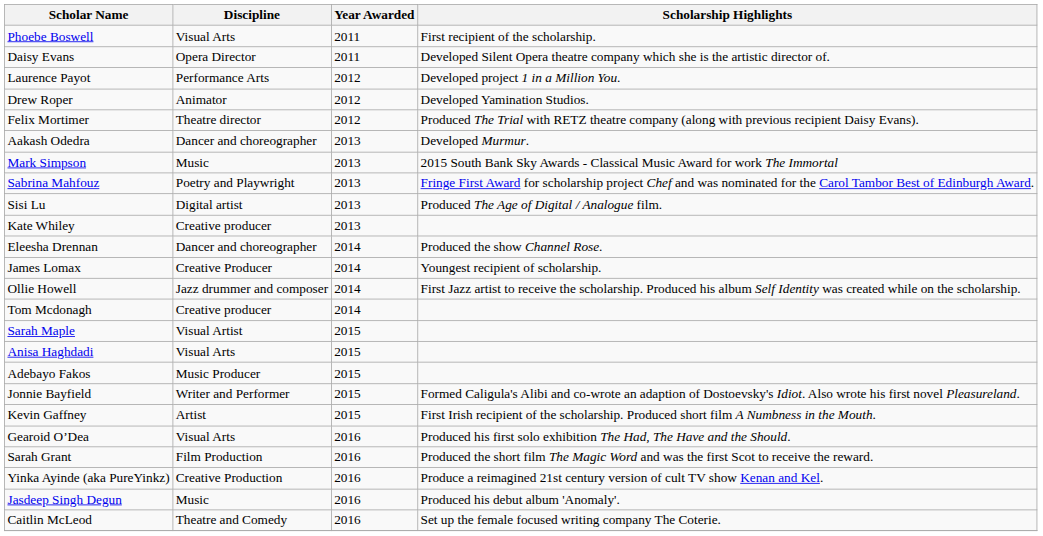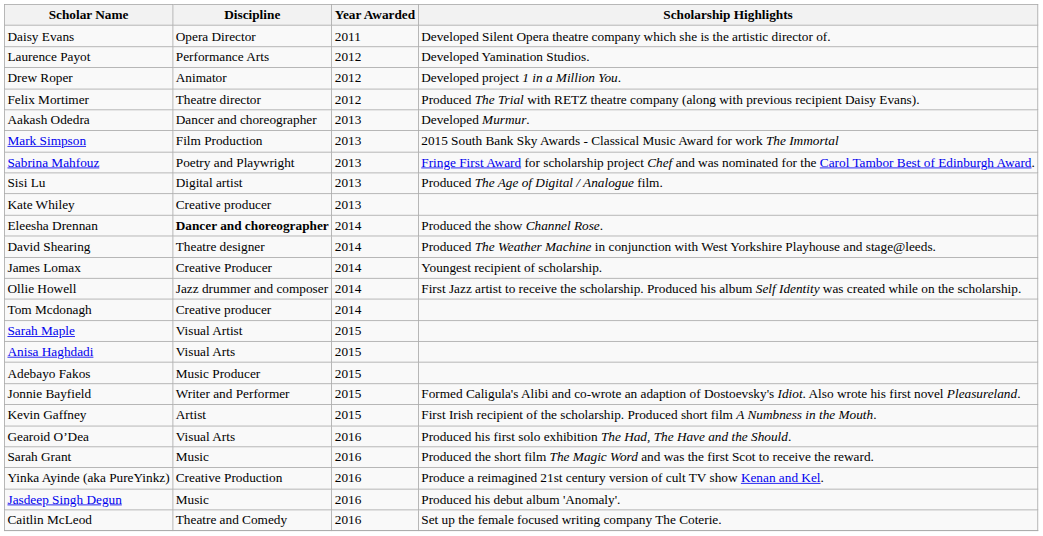 <table class="wikitable sortable">
 <tr>
 <th>Scholar Name</th>
 <th>Discipline</th>
 <th>Year Awarded</th>
 <th>Scholarship Highlights</th>
-</tr>
-<tr>
-<td><a href='#'>Phoebe Boswell</a></td>
-<td>Visual Arts</td>
-<td>2011</td>
-<td>First recipient of the scholarship.</td>
 </tr>
 <tr>
 <td>Daisy Evans</td>
 <td>Opera Director</td>
 <td>2011</td>
 <td>Developed Silent Opera theatre company which she is the artistic director of.</td>
 </tr>
 <tr>
 <td>Laurence Payot</td>
 <td>Performance Arts</td>
 <td>2012</td>
-<td>Developed project <em>1 in a Million You</em>.</td>
+<td>Developed Yamination Studios.</td>
 </tr>
 <tr>
 <td>Drew Roper</td>
 <td>Animator</td>
 <td>2012</td>
-<td>Developed Yamination Studios.</td>
+<td>Developed project <em>1 in a Million You</em>.</td>
 </tr>
 <tr>
 <td>Felix Mortimer</td>
 <td>Theatre director</td>
 <td>2012</td>
 <td>Produced <em>The Trial</em> with RETZ theatre company (along with previous recipient Daisy Evans).</td>
 </tr>
 <tr>
 <td>Aakash Odedra</td>
 <td>Dancer and choreographer</td>
 <td>2013</td>
 <td>Developed <em>Murmur</em>.</td>
 </tr>
 <tr>
 <td><a href='#'>Mark Simpson</a></td>
-<td>Music</td>
+<td>Film Production</td>
 <td>2013</td>
 <td>2015 South Bank Sky Awards - Classical Music Award for work <em>The Immortal</em></td>
 </tr>
 <tr>
 <td><a href='#'>Sabrina Mahfouz</a></td>
 <td>Poetry and Playwright</td>
 <td>2013</td>
 <td><a href='#'>Fringe First Award</a> for scholarship project <em>Chef</em> and was nominated for the <a href='#'>Carol Tambor Best of Edinburgh Award</a>.</td>
 </tr>
 <tr>
 <td>Sisi Lu</td>
 <td>Digital artist</td>
 <td>2013</td>
 <td>Produced <em>The Age of Digital / Analogue</em> film.</td>
 </tr>
 <tr>
 <td>Kate Whiley</td>
 <td>Creative producer</td>
 <td>2013</td>
 <td></td>
 </tr>
 <tr>
 <td>Eleesha Drennan</td>
-<td>Dancer and choreographer</td>
+<td><strong>Dancer and choreographer</strong></td>
 <td>2014</td>
 <td>Produced the show <em>Channel Rose</em>.</td>
+</tr>
+<tr>
+<td>David Shearing</td>
+<td>Theatre designer</td>
+<td>2014</td>
+<td>Produced <em>The Weather Machine</em> in conjunction with West Yorkshire Playhouse and stage@leeds.</td>
 </tr>
 <tr>
 <td>James Lomax</td>
 <td>Creative Producer</td>
 <td>2014</td>
 <td>Youngest recipient of scholarship.</td>
 </tr>
 <tr>
 <td>Ollie Howell</td>
 <td>Jazz drummer and composer</td>
 <td>2014</td>
 <td>First Jazz artist to receive the scholarship. Produced his album <em>Self Identity</em> was created while on the scholarship.</td>
 </tr>
 <tr>
 <td>Tom Mcdonagh</td>
 <td>Creative producer</td>
 <td>2014</td>
 <td></td>
 </tr>
 <tr>
 <td><a href='#'>Sarah Maple</a></td>
 <td>Visual Artist</td>
 <td>2015</td>
 <td></td>
 </tr>
 <tr>
 <td><a href='#'>Anisa Haghdadi</a></td>
 <td>Visual Arts</td>
 <td>2015</td>
 <td></td>
 </tr>
 <tr>
 <td>Adebayo Fakos</td>
 <td>Music Producer</td>
 <td>2015</td>
 <td></td>
 </tr>
 <tr>
 <td>Jonnie Bayfield</td>
 <td>Writer and Performer</td>
 <td>2015</td>
 <td>Formed Caligula's Alibi and co-wrote an adaption of Dostoevsky's <em>Idiot</em>. Also wrote his first novel <em>Pleasureland</em>.</td>
 </tr>
 <tr>
 <td>Kevin Gaffney</td>
 <td>Artist</td>
 <td>2015</td>
 <td>First Irish recipient of the scholarship. Produced short film <em>A Numbness in the Mouth</em>.</td>
 </tr>
 <tr>
 <td>Gearoid O’Dea</td>
 <td>Visual Arts</td>
 <td>2016</td>
 <td>Produced his first solo exhibition <em>The Had, The Have and the Should</em>.</td>
 </tr>
 <tr>
 <td>Sarah Grant</td>
-<td>Film Production</td>
+<td>Music</td>
 <td>2016</td>
 <td>Produced the short film <em>The Magic Word</em> and was the first Scot to receive the reward.</td>
 </tr>
 <tr>
 <td>Yinka Ayinde (aka PureYinkz)</td>
 <td>Creative Production</td>
 <td>2016</td>
 <td>Produce a reimagined 21st century version of cult TV show <a href='#'>Kenan and Kel</a>.</td>
 </tr>
 <tr>
 <td><a href='#'>Jasdeep Singh Degun</a></td>
 <td>Music</td>
 <td>2016</td>
 <td>Produced his debut album 'Anomaly'.</td>
 </tr>
 <tr>
 <td>Caitlin McLeod</td>
 <td>Theatre and Comedy</td>
 <td>2016</td>
 <td>Set up the female focused writing company The Coterie.</td>
 </tr>
 <tr>
 </tr>
 </table>
